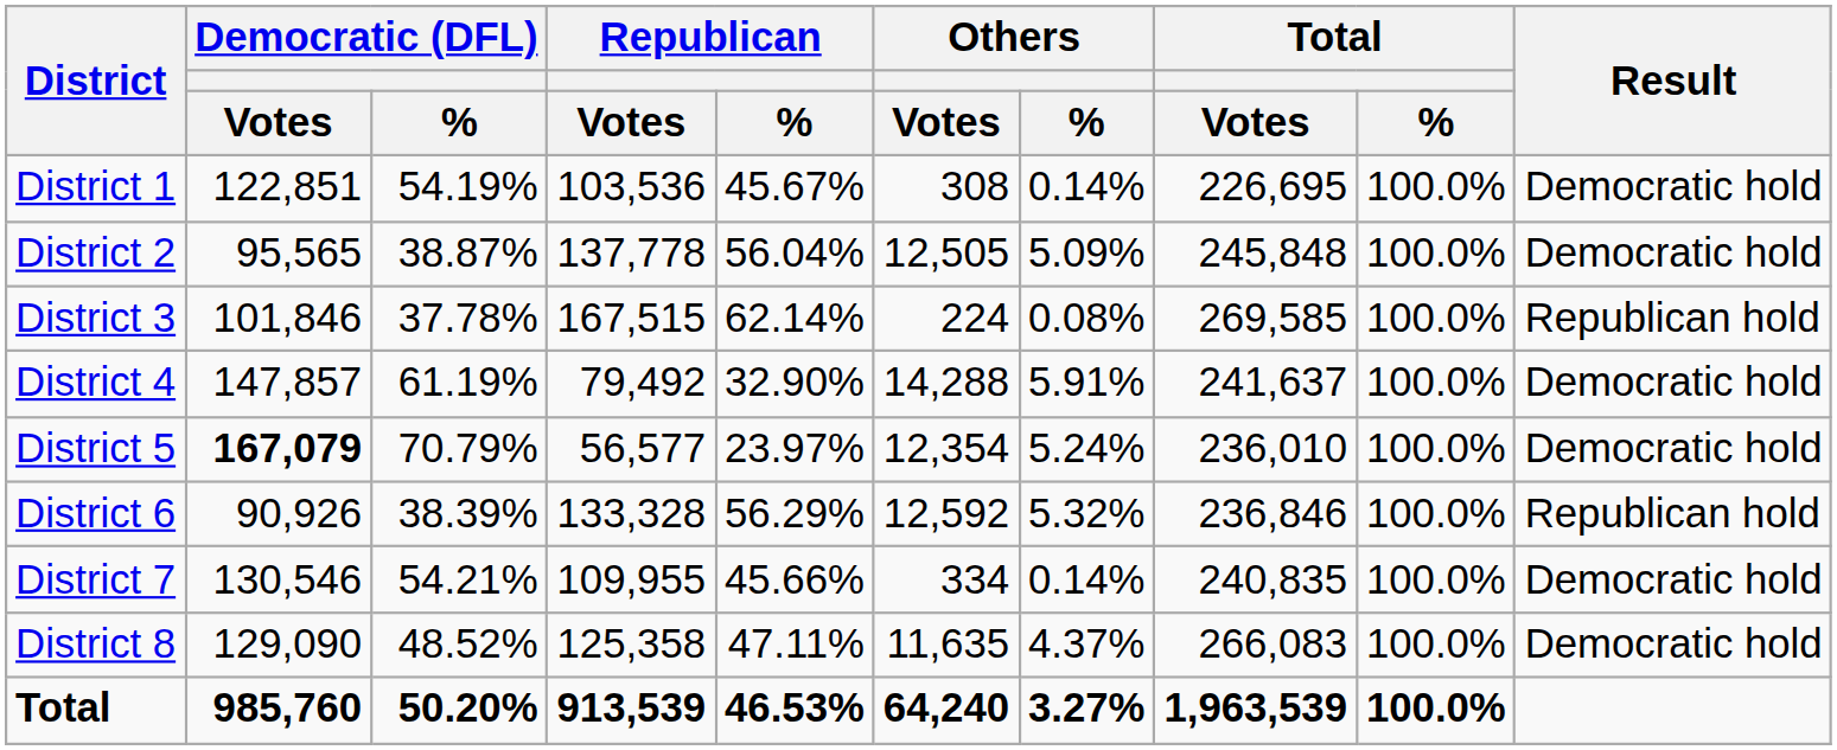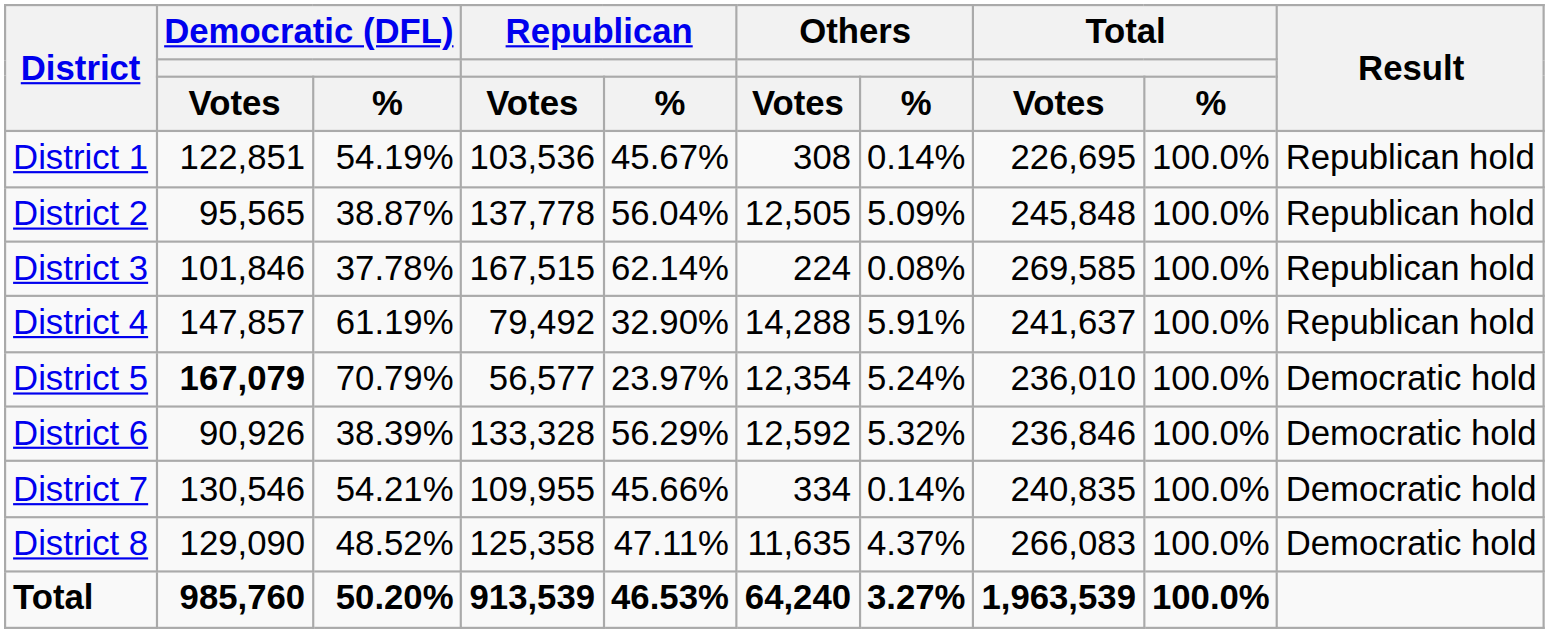 <table class="wikitable plainrowheaders sortable" style="font-size:100%; text-align:right;">
 <tr>
 <th scope=col rowspan=3><a href='#'>District</a></th>
 <th scope=col colspan=2><a href='#'>Democratic (DFL)</a></th>
 <th scope=col colspan=2><a href='#'>Republican</a></th>
 <th scope=col colspan=2>Others</th>
 <th scope=col colspan=2>Total</th>
 <th scope=col rowspan=3>Result</th>
 </tr>
 <tr>
 <th scope=col colspan=2 style="background:"></th>
 <th scope=col colspan=2 style="background:"></th>
 <th scope=col colspan=2></th>
 <th scope=col colspan=2></th>
 </tr>
 <tr>
 <th scope=col data-sort-type="number">Votes</th>
 <th scope=col data-sort-type="number">%</th>
 <th scope=col data-sort-type="number">Votes</th>
 <th scope=col data-sort-type="number">%</th>
 <th scope=col data-sort-type="number">Votes</th>
 <th scope=col data-sort-type="number">%</th>
 <th scope=col data-sort-type="number">Votes</th>
 <th scope=col data-sort-type="number">%</th>
 </tr>
 <tr>
 <td align=left><a href='#'>District 1</a></td>
 <td>122,851</td>
 <td>54.19%</td>
 <td>103,536</td>
 <td>45.67%</td>
 <td>308</td>
 <td>0.14%</td>
 <td>226,695</td>
 <td>100.0%</td>
-<td align=left>Democratic hold</td>
+<td align=left>Republican hold</td>
 </tr>
 <tr>
 <td align=left><a href='#'>District 2</a></td>
 <td>95,565</td>
 <td>38.87%</td>
 <td>137,778</td>
 <td>56.04%</td>
 <td>12,505</td>
 <td>5.09%</td>
 <td>245,848</td>
 <td>100.0%</td>
-<td align=left>Democratic hold</td>
+<td align=left>Republican hold</td>
 </tr>
 <tr>
 <td align=left><a href='#'>District 3</a></td>
 <td>101,846</td>
 <td>37.78%</td>
 <td>167,515</td>
 <td>62.14%</td>
 <td>224</td>
 <td>0.08%</td>
 <td>269,585</td>
 <td>100.0%</td>
 <td align=left>Republican hold</td>
 </tr>
 <tr>
 <td align=left><a href='#'>District 4</a></td>
 <td>147,857</td>
 <td>61.19%</td>
 <td>79,492</td>
 <td>32.90%</td>
 <td>14,288</td>
 <td>5.91%</td>
 <td>241,637</td>
 <td>100.0%</td>
-<td align=left>Democratic hold</td>
+<td align=left>Republican hold</td>
 </tr>
 <tr>
 <td align=left><a href='#'>District 5</a></td>
 <td><strong>167,079</strong></td>
 <td>70.79%</td>
 <td>56,577</td>
 <td>23.97%</td>
 <td>12,354</td>
 <td>5.24%</td>
 <td>236,010</td>
 <td>100.0%</td>
 <td align=left>Democratic hold</td>
 </tr>
 <tr>
 <td align=left><a href='#'>District 6</a></td>
 <td>90,926</td>
 <td>38.39%</td>
 <td>133,328</td>
 <td>56.29%</td>
 <td>12,592</td>
 <td>5.32%</td>
 <td>236,846</td>
 <td>100.0%</td>
-<td align=left>Republican hold</td>
+<td align=left>Democratic hold</td>
 </tr>
 <tr>
 <td align=left><a href='#'>District 7</a></td>
 <td>130,546</td>
 <td>54.21%</td>
 <td>109,955</td>
 <td>45.66%</td>
 <td>334</td>
 <td>0.14%</td>
 <td>240,835</td>
 <td>100.0%</td>
 <td align=left>Democratic hold</td>
 </tr>
 <tr>
 <td align=left><a href='#'>District 8</a></td>
 <td>129,090</td>
 <td>48.52%</td>
 <td>125,358</td>
 <td>47.11%</td>
 <td>11,635</td>
 <td>4.37%</td>
 <td>266,083</td>
 <td>100.0%</td>
 <td align=left>Democratic hold</td>
 </tr>
 <tr class="sortbottom" style="font-weight:bold">
 <td align=left>Total</td>
 <td>985,760</td>
 <td>50.20%</td>
 <td>913,539</td>
 <td>46.53%</td>
 <td>64,240</td>
 <td>3.27%</td>
 <td>1,963,539</td>
 <td>100.0%</td>
 <td></td>
 </tr>
 </table>
